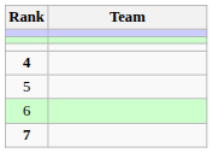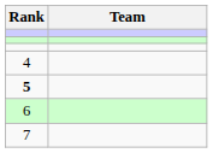 <table class=wikitable style="text-align:center;">
 <tr>
 <th>Rank</th>
 <th width=160>Team</th>
 </tr>
 <tr bgcolor=#ccccff>
 <td></td>
 <td align=left></td>
 </tr>
 <tr bgcolor=#ccffcc>
 <td></td>
 <td align=left></td>
 </tr>
 <tr>
 <td></td>
 <td align=left></td>
 </tr>
 <tr>
-<td><strong>4</strong></td>
+<td>4</td>
 <td align=left></td>
 </tr>
 <tr>
-<td>5</td>
+<td><strong>5</strong></td>
 <td align=left></td>
 </tr>
 <tr bgcolor=#ccffcc>
 <td>6</td>
 <td align=left></td>
 </tr>
 <tr>
-<td><strong>7</strong></td>
+<td>7</td>
 <td align=left></td>
 </tr>
 </table>
